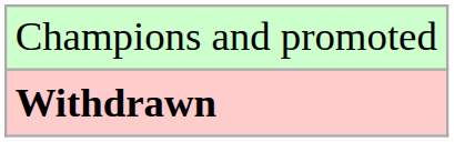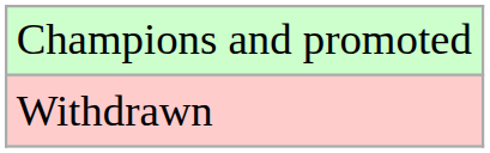 <table class="wikitable">
 <tr width=10px bgcolor="#ccffcc">
 <td>Champions and promoted</td>
 </tr>
 <tr style="width=10px; background:#ffcccc">
-<td><strong>Withdrawn</strong></td>
+<td>Withdrawn</td>
 </tr>
 </table>
